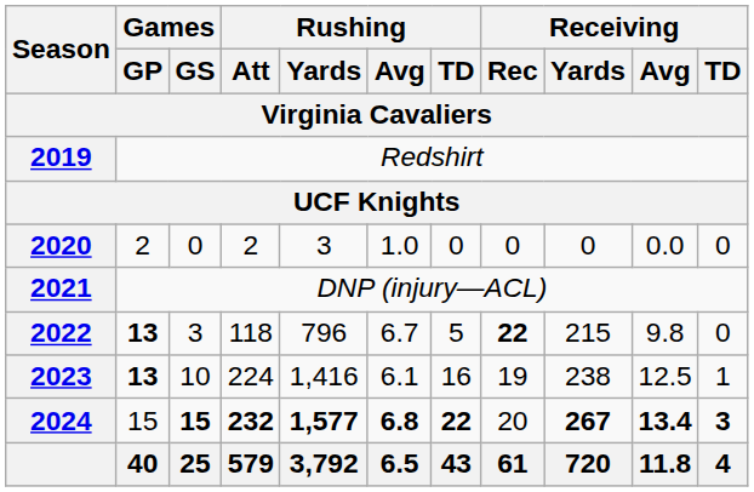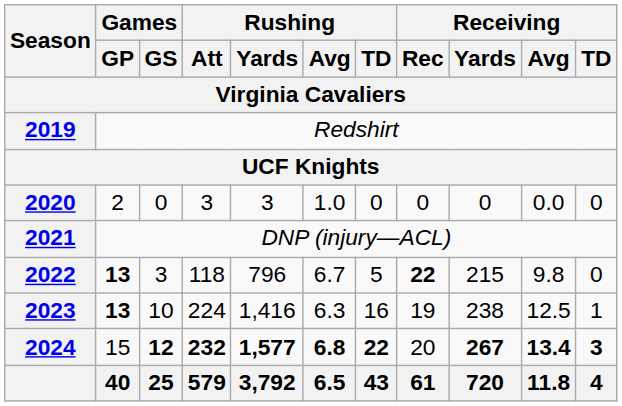 <table class="wikitable" style="text-align:center;">
 <tr>
 <th rowspan="2">Season</th>
 <th colspan="2">Games</th>
 <th colspan="4">Rushing</th>
 <th colspan="4">Receiving</th>
 </tr>
 <tr>
 <th>GP</th>
 <th>GS</th>
 <th>Att</th>
 <th>Yards</th>
 <th>Avg</th>
 <th>TD</th>
 <th>Rec</th>
 <th>Yards</th>
 <th>Avg</th>
 <th>TD</th>
 </tr>
 <tr>
 <th colspan="12">Virginia Cavaliers</th>
 </tr>
 <tr>
 <th><a href='#'>2019</a></th>
 <td colspan="11"><em>Redshirt </em></td>
 </tr>
 <tr>
 <th colspan="12">UCF Knights</th>
 </tr>
 <tr>
 <th><a href='#'>2020</a></th>
 <td>2</td>
 <td>0</td>
-<td>2</td>
+<td>3</td>
 <td>3</td>
 <td>1.0</td>
 <td>0</td>
 <td>0</td>
 <td>0</td>
 <td>0.0</td>
 <td>0</td>
 </tr>
 <tr>
 <th><a href='#'>2021</a></th>
 <td colspan="11"><em>DNP (injury—ACL)</em></td>
 </tr>
 <tr>
 <th><a href='#'>2022</a></th>
 <td><strong>13</strong></td>
 <td>3</td>
 <td>118</td>
 <td>796</td>
 <td>6.7</td>
 <td>5</td>
 <td><strong>22</strong></td>
 <td>215</td>
 <td>9.8</td>
 <td>0</td>
 </tr>
 <tr>
 <th><a href='#'>2023</a></th>
 <td><strong>13</strong></td>
 <td>10</td>
 <td>224</td>
 <td>1,416</td>
-<td>6.1</td>
+<td>6.3</td>
 <td>16</td>
 <td>19</td>
 <td>238</td>
 <td>12.5</td>
 <td>1</td>
 </tr>
 <tr>
 <th><a href='#'>2024</a></th>
 <td>15</td>
-<td><strong>15</strong></td>
+<td><strong>12</strong></td>
 <td><strong>232</strong></td>
 <td><strong>1,577</strong></td>
 <td><strong>6.8</strong></td>
 <td><strong>22</strong></td>
 <td>20</td>
 <td><strong>267</strong></td>
 <td><strong>13.4</strong></td>
 <td><strong>3</strong></td>
 </tr>
 <tr>
 <th></th>
 <th>40</th>
 <th>25</th>
 <th>579</th>
 <th>3,792</th>
 <th>6.5</th>
 <th>43</th>
 <th>61</th>
 <th>720</th>
 <th>11.8</th>
 <th>4</th>
 </tr>
 </table>
